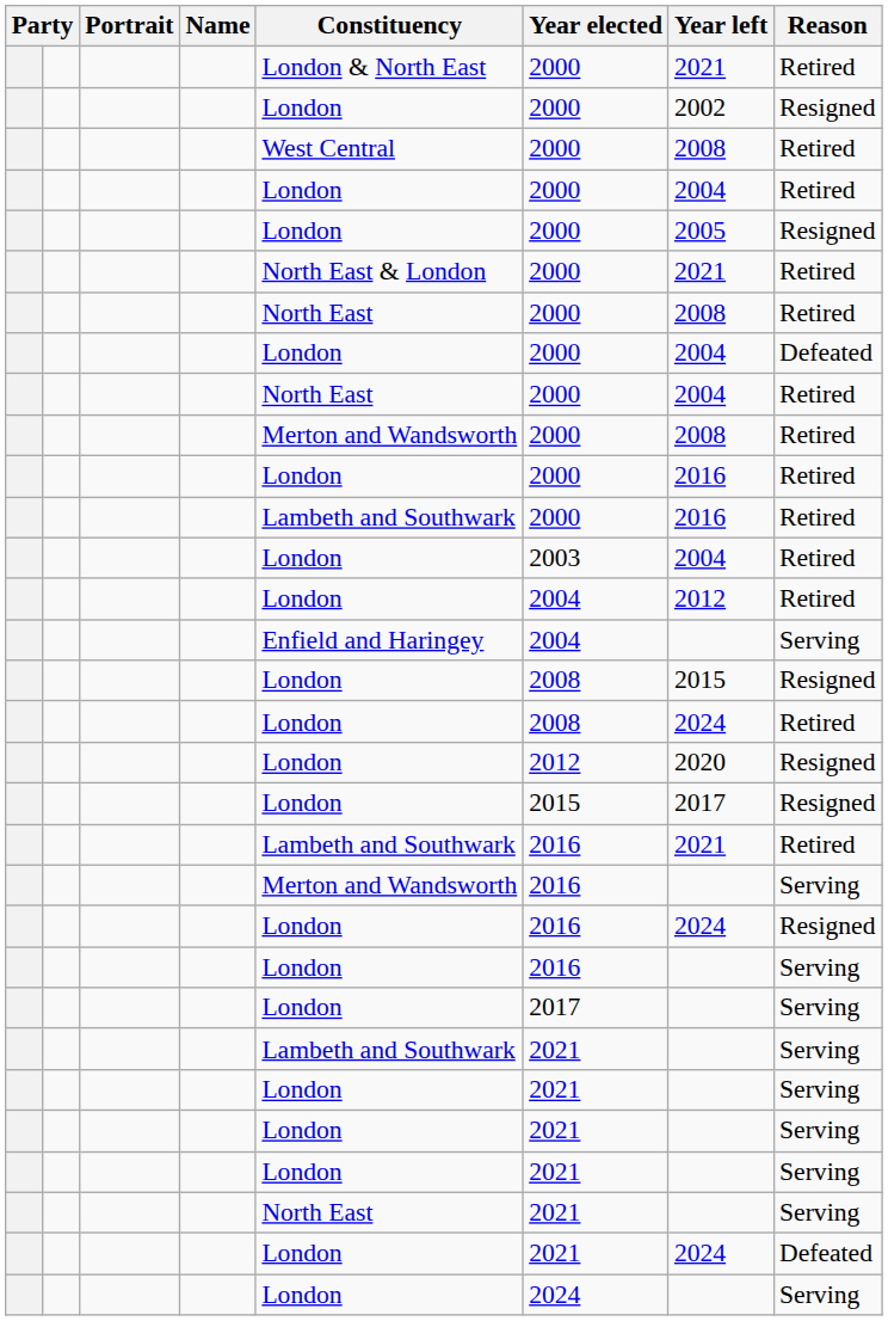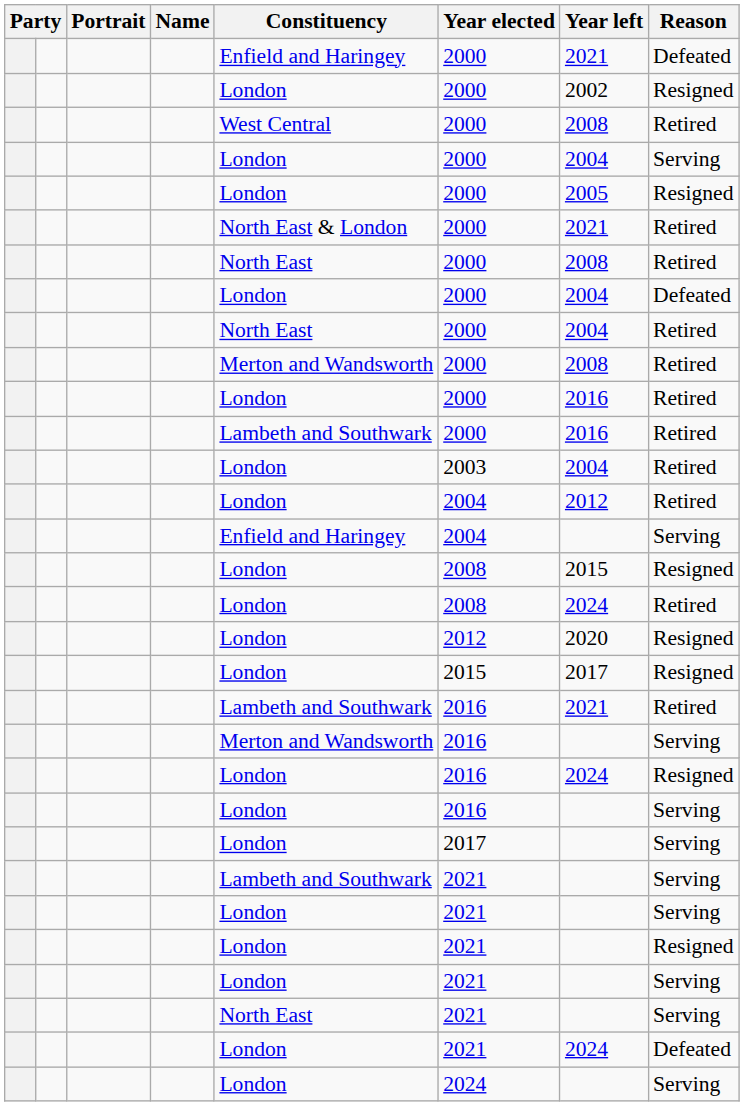 <table class="wikitable sortable">
 <tr>
 <th colspan=2>Party</th>
 <th>Portrait</th>
 <th>Name</th>
 <th>Constituency</th>
 <th>Year elected</th>
 <th>Year left</th>
 <th>Reason</th>
 </tr>
 <tr>
 <th style="background-color: "></th>
 <td></td>
 <td></td>
 <td></td>
-<td><a href='#'>London</a> & <a href='#'>North East</a></td>
+<td><a href='#'>Enfield and Haringey</a></td>
 <td><a href='#'>2000</a></td>
 <td><a href='#'>2021</a></td>
-<td>Retired</td>
+<td>Defeated</td>
 </tr>
 <tr>
 <th style="background-color: "></th>
 <td></td>
 <td></td>
 <td></td>
 <td><a href='#'>London</a></td>
 <td><a href='#'>2000</a></td>
 <td>2002</td>
 <td>Resigned</td>
 </tr>
 <tr>
 <th style="background-color: "></th>
 <td></td>
 <td></td>
 <td></td>
 <td><a href='#'>West Central</a></td>
 <td><a href='#'>2000</a></td>
 <td><a href='#'>2008</a></td>
 <td>Retired</td>
 </tr>
 <tr>
 <th style="background-color: "></th>
 <td></td>
 <td></td>
 <td></td>
 <td><a href='#'>London</a></td>
 <td><a href='#'>2000</a></td>
 <td><a href='#'>2004</a></td>
-<td>Retired</td>
+<td>Serving</td>
 </tr>
 <tr>
 <th style="background-color: "></th>
 <td></td>
 <td></td>
 <td></td>
 <td><a href='#'>London</a></td>
 <td><a href='#'>2000</a></td>
 <td><a href='#'>2005</a></td>
 <td>Resigned</td>
 </tr>
 <tr>
 <th style="background-color: "></th>
 <td></td>
 <td></td>
 <td></td>
 <td><a href='#'>North East</a> & <a href='#'>London</a></td>
 <td><a href='#'>2000</a></td>
 <td><a href='#'>2021</a></td>
 <td>Retired</td>
 </tr>
 <tr>
 <th style="background-color: "></th>
 <td></td>
 <td></td>
 <td></td>
 <td><a href='#'>North East</a></td>
 <td><a href='#'>2000</a></td>
 <td><a href='#'>2008</a></td>
 <td>Retired</td>
 </tr>
 <tr>
 <th style="background-color: "></th>
 <td></td>
 <td></td>
 <td></td>
 <td><a href='#'>London</a></td>
 <td><a href='#'>2000</a></td>
 <td><a href='#'>2004</a></td>
 <td>Defeated</td>
 </tr>
 <tr>
 <th style="background-color: "></th>
 <td></td>
 <td></td>
 <td></td>
 <td><a href='#'>North East</a></td>
 <td><a href='#'>2000</a></td>
 <td><a href='#'>2004</a></td>
 <td>Retired</td>
 </tr>
 <tr>
 <th style="background-color: "></th>
 <td></td>
 <td></td>
 <td></td>
 <td><a href='#'>Merton and Wandsworth</a></td>
 <td><a href='#'>2000</a></td>
 <td><a href='#'>2008</a></td>
 <td>Retired</td>
 </tr>
 <tr>
 <th style="background-color: "></th>
 <td></td>
 <td></td>
 <td></td>
 <td><a href='#'>London</a></td>
 <td><a href='#'>2000</a></td>
 <td><a href='#'>2016</a></td>
 <td>Retired</td>
 </tr>
 <tr>
 <th style="background-color: "></th>
 <td></td>
 <td></td>
 <td></td>
 <td><a href='#'>Lambeth and Southwark</a></td>
 <td><a href='#'>2000</a></td>
 <td><a href='#'>2016</a></td>
 <td>Retired</td>
 </tr>
 <tr>
 <th style="background-color: "></th>
 <td></td>
 <td></td>
 <td></td>
 <td><a href='#'>London</a></td>
 <td>2003</td>
 <td><a href='#'>2004</a></td>
 <td>Retired</td>
 </tr>
 <tr>
 <th style="background-color: "></th>
 <td></td>
 <td></td>
 <td></td>
 <td><a href='#'>London</a></td>
 <td><a href='#'>2004</a></td>
 <td><a href='#'>2012</a></td>
 <td>Retired</td>
 </tr>
 <tr>
 <th style="background-color: "></th>
 <td></td>
 <td></td>
 <td></td>
 <td><a href='#'>Enfield and Haringey</a></td>
 <td><a href='#'>2004</a></td>
 <td></td>
 <td>Serving</td>
 </tr>
 <tr>
 <th style="background-color: "></th>
 <td></td>
 <td></td>
 <td></td>
 <td><a href='#'>London</a></td>
 <td><a href='#'>2008</a></td>
 <td>2015</td>
 <td>Resigned</td>
 </tr>
 <tr>
 <th style="background-color: "></th>
 <td></td>
 <td></td>
 <td></td>
 <td><a href='#'>London</a></td>
 <td><a href='#'>2008</a></td>
 <td><a href='#'>2024</a></td>
 <td>Retired</td>
 </tr>
 <tr>
 <th style="background-color: "></th>
 <td></td>
 <td></td>
 <td></td>
 <td><a href='#'>London</a></td>
 <td><a href='#'>2012</a></td>
 <td>2020</td>
 <td>Resigned</td>
 </tr>
 <tr>
 <th style="background-color: "></th>
 <td></td>
 <td></td>
 <td></td>
 <td><a href='#'>London</a></td>
 <td>2015</td>
 <td>2017</td>
 <td>Resigned</td>
 </tr>
 <tr>
 <th style="background-color: "></th>
 <td></td>
 <td></td>
 <td></td>
 <td><a href='#'>Lambeth and Southwark</a></td>
 <td><a href='#'>2016</a></td>
 <td><a href='#'>2021</a></td>
 <td>Retired</td>
 </tr>
 <tr>
 <th style="background-color: "></th>
 <td></td>
 <td></td>
 <td></td>
 <td><a href='#'>Merton and Wandsworth</a></td>
 <td><a href='#'>2016</a></td>
 <td></td>
 <td>Serving</td>
 </tr>
 <tr>
 <th style="background-color: "></th>
 <td></td>
 <td></td>
 <td></td>
 <td><a href='#'>London</a></td>
 <td><a href='#'>2016</a></td>
 <td><a href='#'>2024</a></td>
 <td>Resigned</td>
 </tr>
 <tr>
 <th style="background-color: "></th>
 <td></td>
 <td></td>
 <td></td>
 <td><a href='#'>London</a></td>
 <td><a href='#'>2016</a></td>
 <td></td>
 <td>Serving</td>
 </tr>
 <tr>
 <th style="background-color: "></th>
 <td></td>
 <td></td>
 <td></td>
 <td><a href='#'>London</a></td>
 <td>2017</td>
 <td></td>
 <td>Serving</td>
 </tr>
 <tr>
 <th style="background-color: "></th>
 <td></td>
 <td></td>
 <td></td>
 <td><a href='#'>Lambeth and Southwark</a></td>
 <td><a href='#'>2021</a></td>
 <td></td>
 <td>Serving</td>
 </tr>
 <tr>
 <th style="background-color: "></th>
 <td></td>
 <td></td>
 <td></td>
 <td><a href='#'>London</a></td>
 <td><a href='#'>2021</a></td>
 <td></td>
 <td>Serving</td>
 </tr>
 <tr>
 <th style="background-color: "></th>
 <td></td>
 <td></td>
 <td></td>
 <td><a href='#'>London</a></td>
 <td><a href='#'>2021</a></td>
 <td></td>
-<td>Serving</td>
+<td>Resigned</td>
 </tr>
 <tr>
 <th style="background-color: "></th>
 <td></td>
 <td></td>
 <td></td>
 <td><a href='#'>London</a></td>
 <td><a href='#'>2021</a></td>
 <td></td>
 <td>Serving</td>
 </tr>
 <tr>
 <th style="background-color: "></th>
 <td></td>
 <td></td>
 <td></td>
 <td><a href='#'>North East</a></td>
 <td><a href='#'>2021</a></td>
 <td></td>
 <td>Serving</td>
 </tr>
 <tr>
 <th style="background-color: "></th>
 <td></td>
 <td></td>
 <td></td>
 <td><a href='#'>London</a></td>
 <td><a href='#'>2021</a></td>
 <td><a href='#'>2024</a></td>
 <td>Defeated</td>
 </tr>
 <tr>
 <th style="background-color: "></th>
 <td></td>
 <td></td>
 <td></td>
 <td><a href='#'>London</a></td>
 <td><a href='#'>2024</a></td>
 <td></td>
 <td>Serving</td>
 </tr>
 </table>
